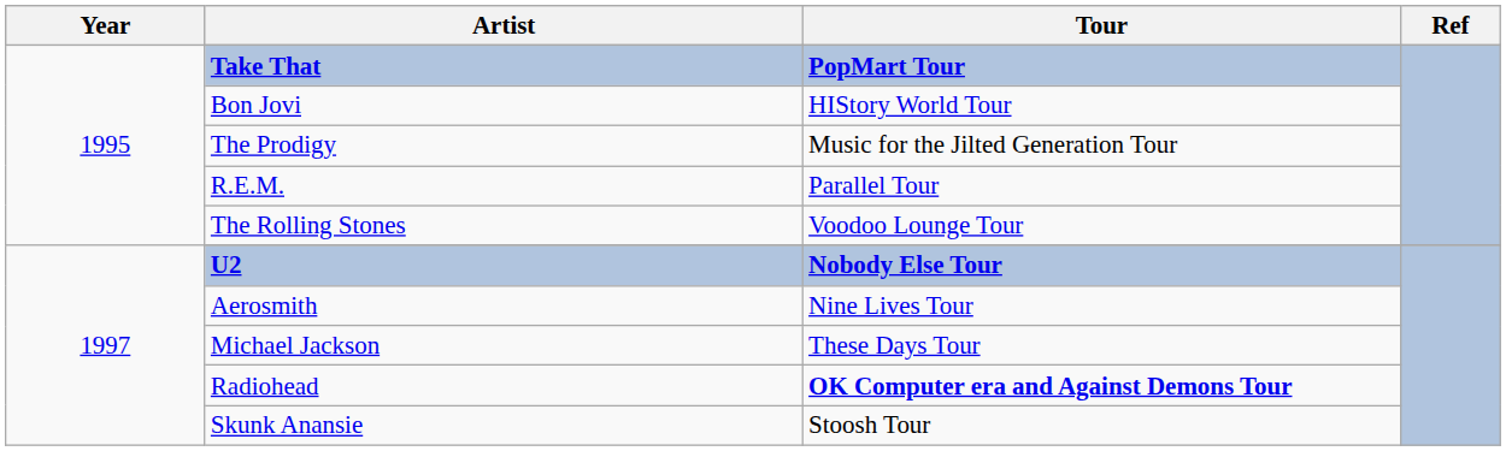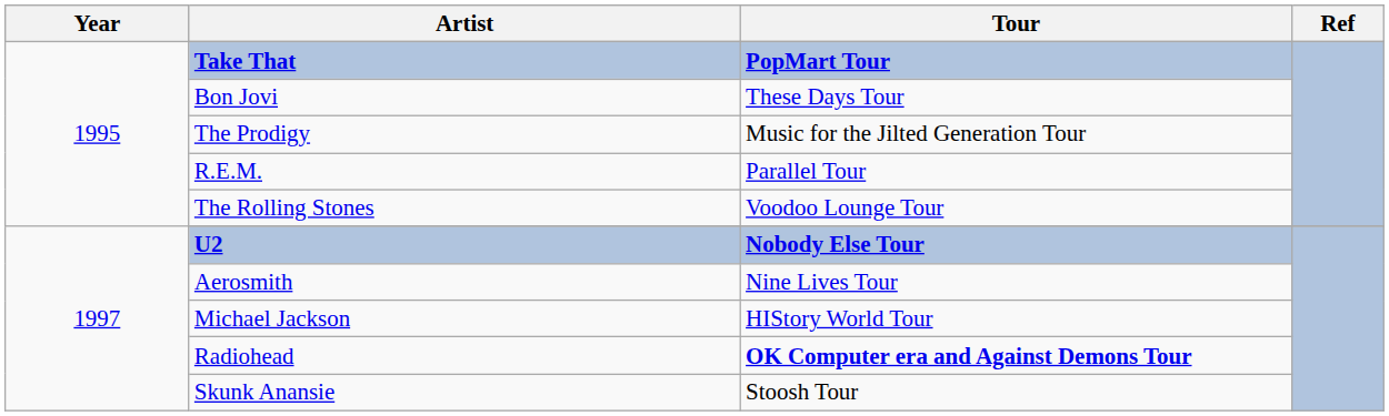 <table class="wikitable" style="width:75%;">
 <tr style="background:#bebebe;">
 <th style="width:10%;">Year</th>
 <th style="width:30%;">Artist</th>
 <th style="width:30%;">Tour</th>
 <th style="width:5%;">Ref</th>
 </tr>
 <tr>
 <td rowspan="6" align="center"><a href='#'>1995</a></td>
 </tr>
 <tr style="background:#B0C4DE">
 <td><strong><a href='#'>Take That</a></strong></td>
 <td><strong><a href='#'>PopMart Tour</a></strong></td>
 <td rowspan="5" align="center"></td>
 </tr>
 <tr>
 <td><a href='#'>Bon Jovi</a></td>
-<td><a href='#'>HIStory World Tour</a></td>
+<td><a href='#'>These Days Tour</a></td>
 </tr>
 <tr>
 <td><a href='#'>The Prodigy</a></td>
 <td>Music for the Jilted Generation Tour</td>
 </tr>
 <tr>
 <td><a href='#'>R.E.M.</a></td>
 <td><a href='#'>Parallel Tour</a></td>
 </tr>
 <tr>
 <td><a href='#'>The Rolling Stones</a></td>
 <td><a href='#'>Voodoo Lounge Tour</a></td>
 </tr>
 <tr>
 <td rowspan="6" align="center"><a href='#'>1997</a></td>
 </tr>
 <tr style="background:#B0C4DE">
 <td><strong><a href='#'>U2</a></strong></td>
 <td><strong><a href='#'>Nobody Else Tour</a></strong></td>
 <td rowspan="5" align="center"></td>
 </tr>
 <tr>
 <td><a href='#'>Aerosmith</a></td>
 <td><a href='#'>Nine Lives Tour</a></td>
 </tr>
 <tr>
 <td><a href='#'>Michael Jackson</a></td>
-<td><a href='#'>These Days Tour</a></td>
+<td><a href='#'>HIStory World Tour</a></td>
 </tr>
 <tr>
 <td><a href='#'>Radiohead</a></td>
 <td><strong><a href='#'>OK Computer era and Against Demons Tour</a></strong></td>
 </tr>
 <tr>
 <td><a href='#'>Skunk Anansie</a></td>
 <td>Stoosh Tour</td>
 </tr>
 </table>
